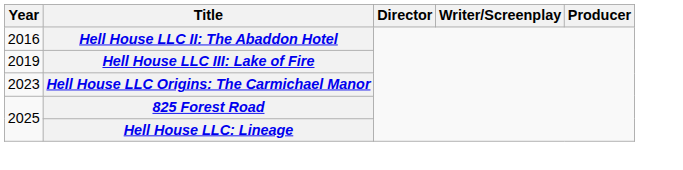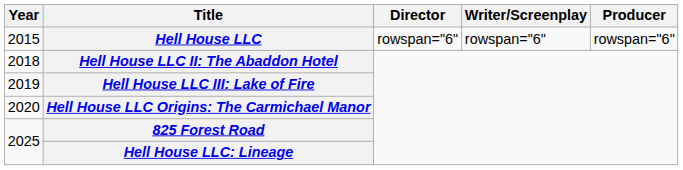 <table class="wikitable sortable">
 <tr>
 <th>Year</th>
 <th>Title</th>
 <th>Director</th>
 <th>Writer/Screenplay</th>
 <th>Producer</th>
 </tr>
 <tr>
-<td>2016</td>
+<td>2015</td>
+<th><em><a href='#'>Hell House LLC</a></em></th>
+<td>rowspan="6" </td>
+<td>rowspan="6" </td>
+<td>rowspan="6" </td>
+</tr>
+<tr>
+<td>2018</td>
 <th><em><a href='#'>Hell House LLC II: The Abaddon Hotel</a></em></th>
 </tr>
 <tr>
 <td>2019</td>
 <th><em><a href='#'>Hell House LLC III: Lake of Fire</a></em></th>
 </tr>
 <tr>
-<td>2023</td>
+<td>2020</td>
 <th><em><a href='#'>Hell House LLC Origins: The Carmichael Manor</a></em></th>
 </tr>
 <tr>
 <td rowspan="2">2025</td>
 <th><em><a href='#'>825 Forest Road</a></em></th>
 </tr>
 <tr>
 <th><em><a href='#'>Hell House LLC: Lineage</a></em></th>
 </tr>
 </table>
